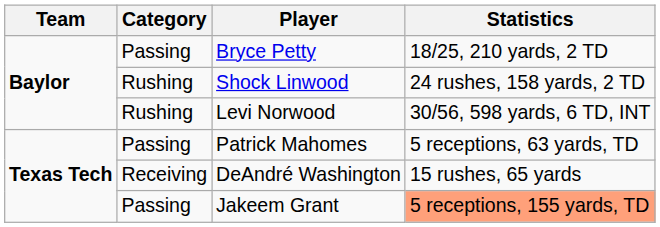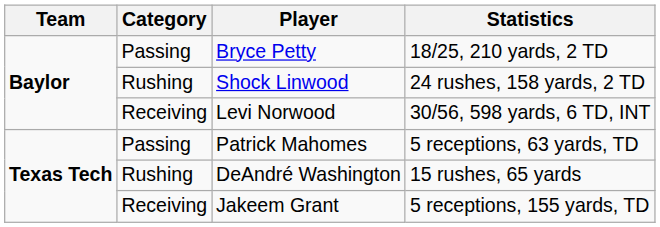 <table class="wikitable" style="float: right;">
 <tr>
 <th>Team</th>
 <th>Category</th>
 <th>Player</th>
 <th>Statistics</th>
 </tr>
 <tr>
 <td rowspan=3><strong>Baylor</strong></td>
 <td>Passing</td>
 <td><a href='#'>Bryce Petty</a></td>
 <td>18/25, 210 yards, 2 TD</td>
 </tr>
 <tr>
 <td>Rushing</td>
 <td><a href='#'>Shock Linwood</a></td>
 <td>24 rushes, 158 yards, 2 TD</td>
 </tr>
 <tr>
-<td>Rushing</td>
+<td>Receiving</td>
 <td>Levi Norwood</td>
 <td>30/56, 598 yards, 6 TD, INT</td>
 </tr>
 <tr>
 <td rowspan=3><strong>Texas Tech</strong></td>
 <td>Passing</td>
 <td>Patrick Mahomes</td>
 <td>5 receptions, 63 yards, TD</td>
 </tr>
 <tr>
-<td>Receiving</td>
+<td>Rushing</td>
 <td>DeAndré Washington</td>
 <td>15 rushes, 65 yards</td>
 </tr>
 <tr>
-<td>Passing</td>
+<td>Receiving</td>
 <td>Jakeem Grant</td>
-<td style="background: lightsalmon;">5 receptions, 155 yards, TD</td>
+<td>5 receptions, 155 yards, TD</td>
 </tr>
 </table>
